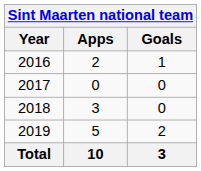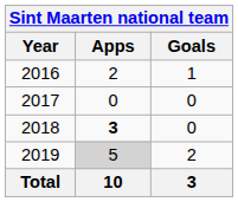 <table class="wikitable" style="text-align:center">
 <tr>
 <th colspan=3><a href='#'>Sint Maarten national team</a></th>
 </tr>
 <tr>
 <th>Year</th>
 <th>Apps</th>
 <th>Goals</th>
 </tr>
 <tr>
 <td>2016</td>
 <td>2</td>
 <td>1</td>
 </tr>
 <tr>
 <td>2017</td>
 <td>0</td>
 <td>0</td>
 </tr>
 <tr>
 <td>2018</td>
-<td>3</td>
+<td><strong>3</strong></td>
 <td>0</td>
 </tr>
 <tr>
 <td>2019</td>
-<td>5</td>
+<td style="background: lightgrey;">5</td>
 <td>2</td>
 </tr>
 <tr>
 <th>Total</th>
 <th>10</th>
 <th>3</th>
 </tr>
 </table>
